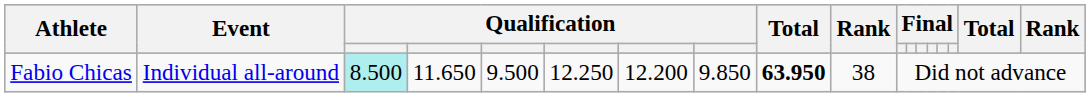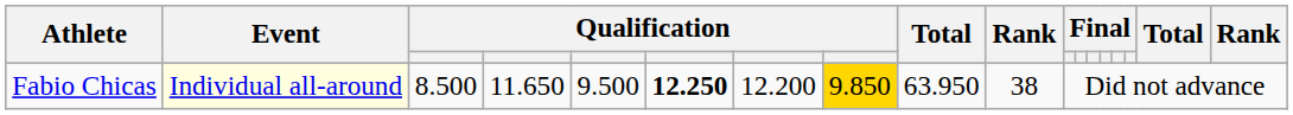 <table class="wikitable" style="font-size:90%">
 <tr>
 <th rowspan=2>Athlete</th>
 <th rowspan=2>Event</th>
 <th colspan=6>Qualification</th>
 <th rowspan=2>Total</th>
 <th rowspan=2>Rank</th>
 <th colspan=6>Final</th>
 <th rowspan=2>Total</th>
 <th rowspan=2>Rank</th>
 </tr>
 <tr style="font-size:95%">
 <th></th>
 <th></th>
 <th></th>
 <th></th>
 <th></th>
 <th></th>
 <th></th>
 <th></th>
 <th></th>
 <th></th>
 <th></th>
 <th></th>
 </tr>
 <tr align=center>
 <td align=left><a href='#'>Fabio Chicas</a></td>
-<td align=left><a href='#'>Individual all-around</a></td>
-<td style="background: paleturquoise;">8.500</td>
+<td align=left style="background: lightyellow;"><a href='#'>Individual all-around</a></td>
+<td>8.500</td>
 <td>11.650</td>
 <td>9.500</td>
-<td>12.250</td>
+<td><strong>12.250</strong></td>
 <td>12.200</td>
-<td>9.850</td>
-<td><strong>63.950</strong></td>
+<td style="background: gold;">9.850</td>
+<td>63.950</td>
 <td>38</td>
 <td colspan=8>Did not advance</td>
 </tr>
 </table>
